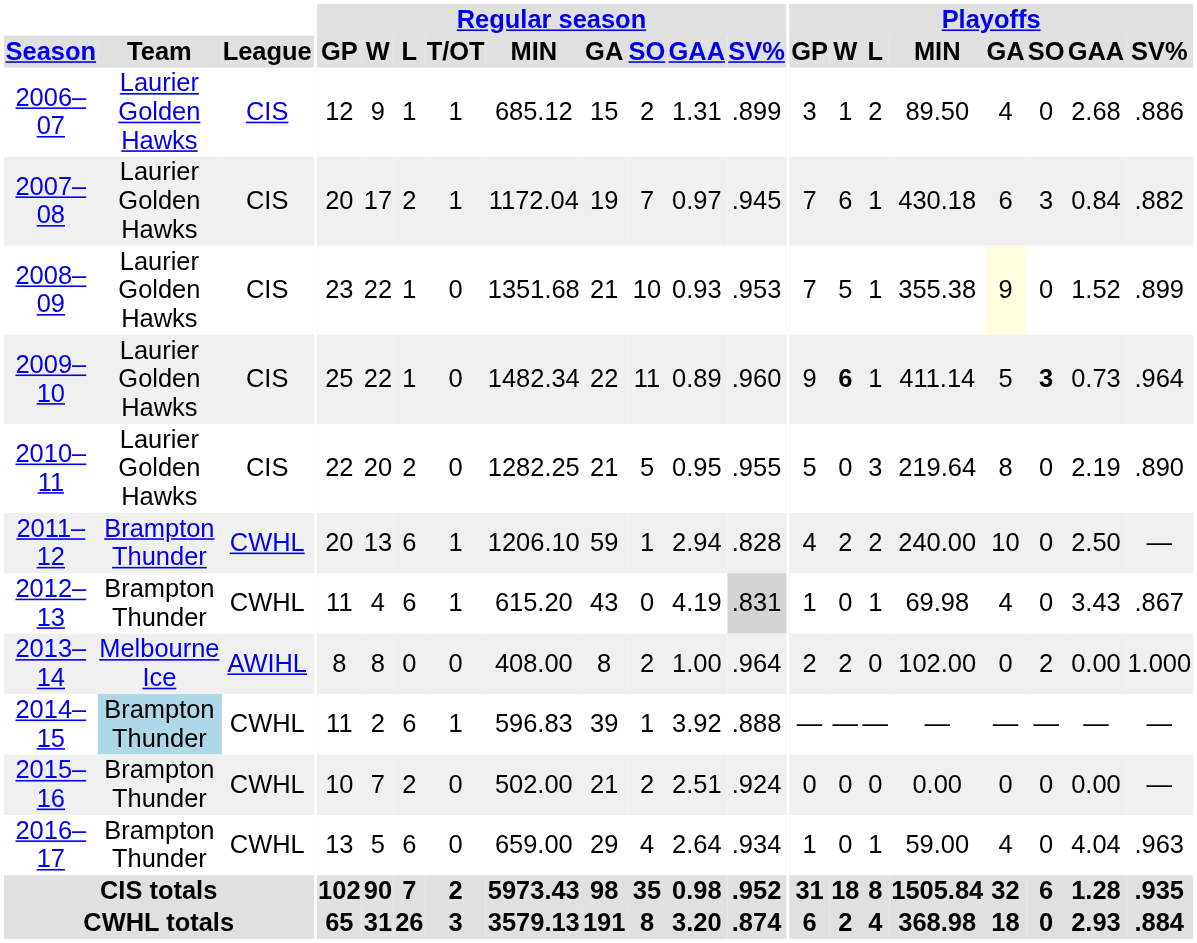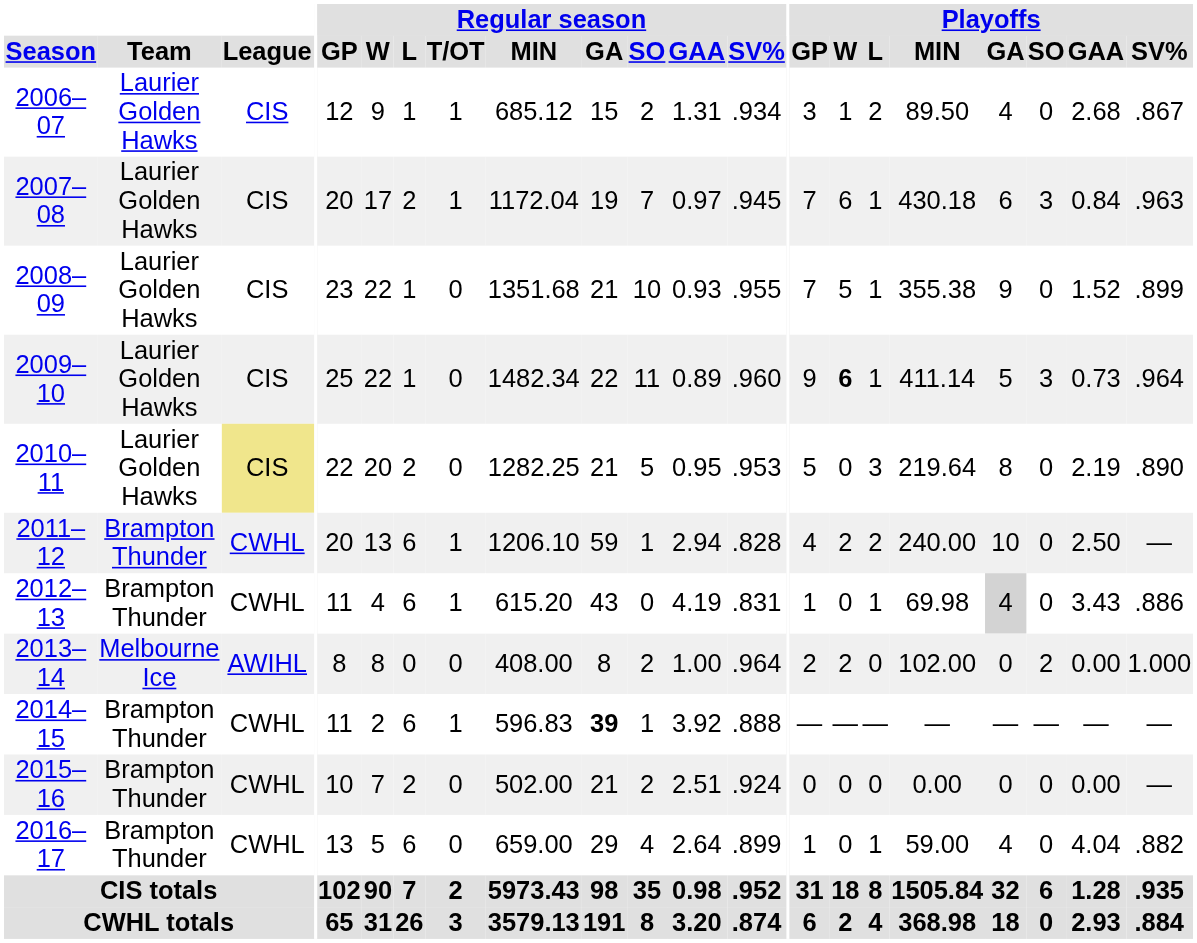 <table border="0" cellpadding="1" cellspacing="0" style="text-align:center; width:75%">
 <tr ALIGN="center" bgcolor="#e0e0e0">
 <th align="center" colspan="3" bgcolor="#ffffff"></th>
 <th align="center" rowspan="99" bgcolor="#ffffff"></th>
 <th align="center" colspan="9" bgcolor="#e0e0e0"><a href='#'>Regular season</a></th>
 <th align="center" rowspan="99" bgcolor="#ffffff"></th>
 <th align="center" colspan="8" bgcolor="#e0e0e0"><a href='#'>Playoffs</a></th>
 </tr>
 <tr ALIGN="center" bgcolor="#e0e0e0">
 <th><a href='#'>Season</a></th>
 <th>Team</th>
 <th>League</th>
 <th>GP</th>
 <th>W</th>
 <th>L</th>
 <th>T/OT</th>
 <th>MIN</th>
 <th>GA</th>
 <th><a href='#'>SO</a></th>
 <th><a href='#'>GAA</a></th>
 <th><a href='#'>SV%</a></th>
 <th>GP</th>
 <th>W</th>
 <th>L</th>
 <th>MIN</th>
 <th>GA</th>
 <th>SO</th>
 <th>GAA</th>
 <th>SV%</th>
 </tr>
 <tr>
 <td><a href='#'>2006–07</a></td>
 <td><a href='#'>Laurier Golden Hawks</a></td>
 <td><a href='#'>CIS</a></td>
 <td>12</td>
 <td>9</td>
 <td>1</td>
 <td>1</td>
 <td>685.12</td>
 <td>15</td>
 <td>2</td>
 <td>1.31</td>
-<td>.899</td>
+<td>.934</td>
 <td>3</td>
 <td>1</td>
 <td>2</td>
 <td>89.50</td>
 <td>4</td>
 <td>0</td>
 <td>2.68</td>
-<td>.886</td>
+<td>.867</td>
 </tr>
 <tr style="background:#f0f0f0;">
 <td><a href='#'>2007–08</a></td>
 <td>Laurier Golden Hawks</td>
 <td>CIS</td>
 <td>20</td>
 <td>17</td>
 <td>2</td>
 <td>1</td>
 <td>1172.04</td>
 <td>19</td>
 <td>7</td>
 <td>0.97</td>
 <td>.945</td>
 <td>7</td>
 <td>6</td>
 <td>1</td>
 <td>430.18</td>
 <td>6</td>
 <td>3</td>
 <td>0.84</td>
-<td>.882</td>
+<td>.963</td>
 </tr>
 <tr>
 <td><a href='#'>2008–09</a></td>
 <td>Laurier Golden Hawks</td>
 <td>CIS</td>
 <td>23</td>
 <td>22</td>
 <td>1</td>
 <td>0</td>
 <td>1351.68</td>
 <td>21</td>
 <td>10</td>
 <td>0.93</td>
-<td>.953</td>
+<td>.955</td>
 <td>7</td>
 <td>5</td>
 <td>1</td>
 <td>355.38</td>
-<td style="background: lightyellow;">9</td>
+<td>9</td>
 <td>0</td>
 <td>1.52</td>
 <td>.899</td>
 </tr>
 <tr style="background:#f0f0f0;">
 <td><a href='#'>2009–10</a></td>
 <td>Laurier Golden Hawks</td>
 <td>CIS</td>
 <td>25</td>
 <td>22</td>
 <td>1</td>
 <td>0</td>
 <td>1482.34</td>
 <td>22</td>
 <td>11</td>
 <td>0.89</td>
 <td>.960</td>
 <td>9</td>
 <td><strong>6</strong></td>
 <td>1</td>
 <td>411.14</td>
 <td>5</td>
-<td><strong>3</strong></td>
+<td>3</td>
 <td>0.73</td>
 <td>.964</td>
 </tr>
 <tr>
 <td><a href='#'>2010–11</a></td>
 <td>Laurier Golden Hawks</td>
-<td>CIS</td>
+<td style="background: khaki;">CIS</td>
 <td>22</td>
 <td>20</td>
 <td>2</td>
 <td>0</td>
 <td>1282.25</td>
 <td>21</td>
 <td>5</td>
 <td>0.95</td>
-<td>.955</td>
+<td>.953</td>
 <td>5</td>
 <td>0</td>
 <td>3</td>
 <td>219.64</td>
 <td>8</td>
 <td>0</td>
 <td>2.19</td>
 <td>.890</td>
 </tr>
 <tr style="background:#f0f0f0;">
 <td><a href='#'>2011–12</a></td>
 <td><a href='#'>Brampton Thunder</a></td>
 <td><a href='#'>CWHL</a></td>
 <td>20</td>
 <td>13</td>
 <td>6</td>
 <td>1</td>
 <td>1206.10</td>
 <td>59</td>
 <td>1</td>
 <td>2.94</td>
 <td>.828</td>
 <td>4</td>
 <td>2</td>
 <td>2</td>
 <td>240.00</td>
 <td>10</td>
 <td>0</td>
 <td>2.50</td>
 <td>—</td>
 </tr>
 <tr>
 <td><a href='#'>2012–13</a></td>
 <td>Brampton Thunder</td>
 <td>CWHL</td>
 <td>11</td>
 <td>4</td>
 <td>6</td>
 <td>1</td>
 <td>615.20</td>
 <td>43</td>
 <td>0</td>
 <td>4.19</td>
-<td style="background: lightgrey;">.831</td>
+<td>.831</td>
 <td>1</td>
 <td>0</td>
 <td>1</td>
 <td>69.98</td>
-<td>4</td>
+<td style="background: lightgrey;">4</td>
 <td>0</td>
 <td>3.43</td>
-<td>.867</td>
+<td>.886</td>
 </tr>
 <tr style="background:#f0f0f0;">
 <td><a href='#'>2013–14</a></td>
 <td><a href='#'>Melbourne Ice</a></td>
 <td><a href='#'>AWIHL</a></td>
 <td>8</td>
 <td>8</td>
 <td>0</td>
 <td>0</td>
 <td>408.00</td>
 <td>8</td>
 <td>2</td>
 <td>1.00</td>
 <td>.964</td>
 <td>2</td>
 <td>2</td>
 <td>0</td>
 <td>102.00</td>
 <td>0</td>
 <td>2</td>
 <td>0.00</td>
 <td>1.000</td>
 </tr>
 <tr>
 <td><a href='#'>2014–15</a></td>
-<td style="background: lightblue;">Brampton Thunder</td>
+<td>Brampton Thunder</td>
 <td>CWHL</td>
 <td>11</td>
 <td>2</td>
 <td>6</td>
 <td>1</td>
 <td>596.83</td>
-<td>39</td>
+<td><strong>39</strong></td>
 <td>1</td>
 <td>3.92</td>
 <td>.888</td>
 <td>—</td>
 <td>—</td>
 <td>—</td>
 <td>—</td>
 <td>—</td>
 <td>—</td>
 <td>—</td>
 <td>—</td>
 </tr>
 <tr style="background:#f0f0f0;">
 <td><a href='#'>2015–16</a></td>
 <td>Brampton Thunder</td>
 <td>CWHL</td>
 <td>10</td>
 <td>7</td>
 <td>2</td>
 <td>0</td>
 <td>502.00</td>
 <td>21</td>
 <td>2</td>
 <td>2.51</td>
 <td>.924</td>
 <td>0</td>
 <td>0</td>
 <td>0</td>
 <td>0.00</td>
 <td>0</td>
 <td>0</td>
 <td>0.00</td>
 <td>—</td>
 </tr>
 <tr>
 <td><a href='#'>2016–17</a></td>
 <td>Brampton Thunder</td>
 <td>CWHL</td>
 <td>13</td>
 <td>5</td>
 <td>6</td>
 <td>0</td>
 <td>659.00</td>
 <td>29</td>
 <td>4</td>
 <td>2.64</td>
-<td>.934</td>
+<td>.899</td>
 <td>1</td>
 <td>0</td>
 <td>1</td>
 <td>59.00</td>
 <td>4</td>
 <td>0</td>
 <td>4.04</td>
-<td>.963</td>
+<td>.882</td>
 </tr>
 <tr style="background:#e0e0e0;">
 <th colspan=3>CIS totals</th>
 <th>102</th>
 <th>90</th>
 <th>7</th>
 <th>2</th>
 <th>5973.43</th>
 <th>98</th>
 <th>35</th>
 <th>0.98</th>
 <th>.952</th>
 <th>31</th>
 <th>18</th>
 <th>8</th>
 <th>1505.84</th>
 <th>32</th>
 <th>6</th>
 <th>1.28</th>
 <th>.935</th>
 </tr>
 <tr style="background:#e0e0e0;">
 <th colspan=3>CWHL totals</th>
 <th>65</th>
 <th>31</th>
 <th>26</th>
 <th>3</th>
 <th>3579.13</th>
 <th>191</th>
 <th>8</th>
 <th>3.20</th>
 <th>.874</th>
 <th>6</th>
 <th>2</th>
 <th>4</th>
 <th>368.98</th>
 <th>18</th>
 <th>0</th>
 <th>2.93</th>
 <th>.884</th>
 </tr>
 </table>
